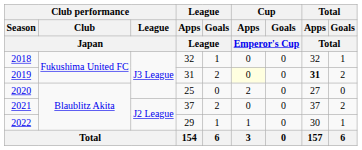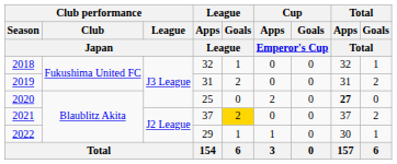 <table class="wikitable" style="text-align:center;">
 <tr>
 <th colspan=3>Club performance</th>
 <th colspan=2>League</th>
 <th colspan=2>Cup</th>
 <th colspan=2>Total</th>
 </tr>
 <tr>
 <th>Season</th>
 <th>Club</th>
 <th>League</th>
 <th>Apps</th>
 <th>Goals</th>
 <th>Apps</th>
 <th>Goals</th>
 <th>Apps</th>
 <th>Goals</th>
 </tr>
 <tr>
 <th colspan=3>Japan</th>
 <th colspan=2>League</th>
 <th colspan=2><a href='#'>Emperor's Cup</a></th>
 <th colspan=2>Total</th>
 </tr>
 <tr>
 <td><a href='#'>2018</a></td>
 <td rowspan="2"><a href='#'>Fukushima United FC</a></td>
 <td rowspan="3"><a href='#'>J3 League</a></td>
 <td>32</td>
 <td>1</td>
 <td>0</td>
 <td>0</td>
 <td>32</td>
 <td>1</td>
 </tr>
 <tr>
 <td><a href='#'>2019</a></td>
 <td>31</td>
 <td>2</td>
-<td style="background: lightyellow;">0</td>
 <td>0</td>
-<td><strong>31</strong></td>
+<td>0</td>
+<td>31</td>
 <td>2</td>
 </tr>
 <tr>
 <td><a href='#'>2020</a></td>
 <td rowspan="3"><a href='#'>Blaublitz Akita</a></td>
 <td>25</td>
 <td>0</td>
 <td>2</td>
 <td>0</td>
-<td>27</td>
+<td><strong>27</strong></td>
 <td>0</td>
 </tr>
 <tr>
 <td><a href='#'>2021</a></td>
 <td rowspan="2"><a href='#'>J2 League</a></td>
 <td>37</td>
-<td>2</td>
+<td style="background: gold;">2</td>
 <td>0</td>
 <td>0</td>
 <td>37</td>
 <td>2</td>
 </tr>
 <tr>
 <td><a href='#'>2022</a></td>
 <td>29</td>
 <td>1</td>
 <td>1</td>
 <td>0</td>
 <td>30</td>
 <td>1</td>
 </tr>
 <tr>
 <th colspan=3>Total</th>
 <th>154</th>
 <th>6</th>
 <th>3</th>
 <th>0</th>
 <th>157</th>
 <th>6</th>
 </tr>
 </table>
